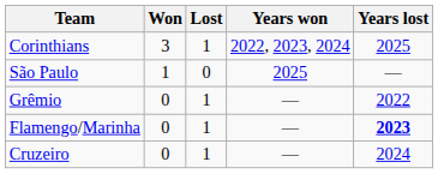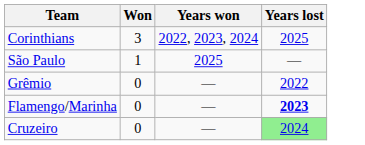 <table class="wikitable" style="text-align:center">
 <tr>
 <th>Team</th>
 <th>Won</th>
-<th>Lost</th>
 <th class="unsortable">Years won</th>
 <th class="unsortable">Years lost</th>
 </tr>
 <tr>
 <td align=left><a href='#'>Corinthians</a></td>
 <td>3</td>
-<td>1</td>
 <td><a href='#'>2022</a>, <a href='#'>2023</a>, <a href='#'>2024</a></td>
 <td><a href='#'>2025</a></td>
 </tr>
 <tr>
 <td align=left><a href='#'>São Paulo</a></td>
 <td>1</td>
-<td>0</td>
 <td><a href='#'>2025</a></td>
 <td>—</td>
 </tr>
 <tr>
 <td align=left><a href='#'>Grêmio</a></td>
 <td>0</td>
-<td>1</td>
 <td>—</td>
 <td><a href='#'>2022</a></td>
 </tr>
 <tr>
 <td align=left><a href='#'>Flamengo</a>/<a href='#'>Marinha</a></td>
 <td>0</td>
-<td>1</td>
 <td>—</td>
 <td><strong><a href='#'>2023</a></strong></td>
 </tr>
 <tr>
 <td align=left><a href='#'>Cruzeiro</a></td>
 <td>0</td>
-<td>1</td>
 <td>—</td>
-<td><a href='#'>2024</a></td>
+<td style="background: lightgreen;"><a href='#'>2024</a></td>
 </tr>
 </table>
